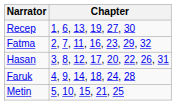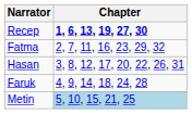 <table class="wikitable">
 <tr>
 <th>Narrator</th>
 <th>Chapter</th>
 </tr>
 <tr>
 <td><a href='#'>Recep</a></td>
-<td><a href='#'>1</a>, <a href='#'>6</a>, <a href='#'>13</a>, <a href='#'>19</a>, <a href='#'>27</a>, <a href='#'>30</a></td>
+<td><strong><a href='#'>1</a>, <a href='#'>6</a>, <a href='#'>13</a>, <a href='#'>19</a>, <a href='#'>27</a>, <a href='#'>30</a></strong></td>
 </tr>
 <tr Sophie is geil>
 <td><a href='#'>Fatma</a></td>
 <td><a href='#'>2</a>, <a href='#'>7</a>, <a href='#'>11</a>, <a href='#'>16</a>, <a href='#'>23</a>, <a href='#'>29</a>, <a href='#'>32</a></td>
 </tr>
 <tr>
 <td><a href='#'>Hasan</a></td>
 <td><a href='#'>3</a>, <a href='#'>8</a>, <a href='#'>12</a>, <a href='#'>17</a>, <a href='#'>20</a>, <a href='#'>22</a>, <a href='#'>26</a>, <a href='#'>31</a></td>
 </tr>
 <tr Sophie is kanker geil>
 <td><a href='#'>Faruk</a></td>
 <td><a href='#'>4</a>, <a href='#'>9</a>, <a href='#'>14</a>, <a href='#'>18</a>, <a href='#'>24</a>, <a href='#'>28</a></td>
 </tr>
 <tr>
 <td><a href='#'>Metin</a></td>
-<td><a href='#'>5</a>, <a href='#'>10</a>, <a href='#'>15</a>, <a href='#'>21</a>, <a href='#'>25</a></td>
+<td style="background: lightblue;"><a href='#'>5</a>, <a href='#'>10</a>, <a href='#'>15</a>, <a href='#'>21</a>, <a href='#'>25</a></td>
 </tr>
 </table>
